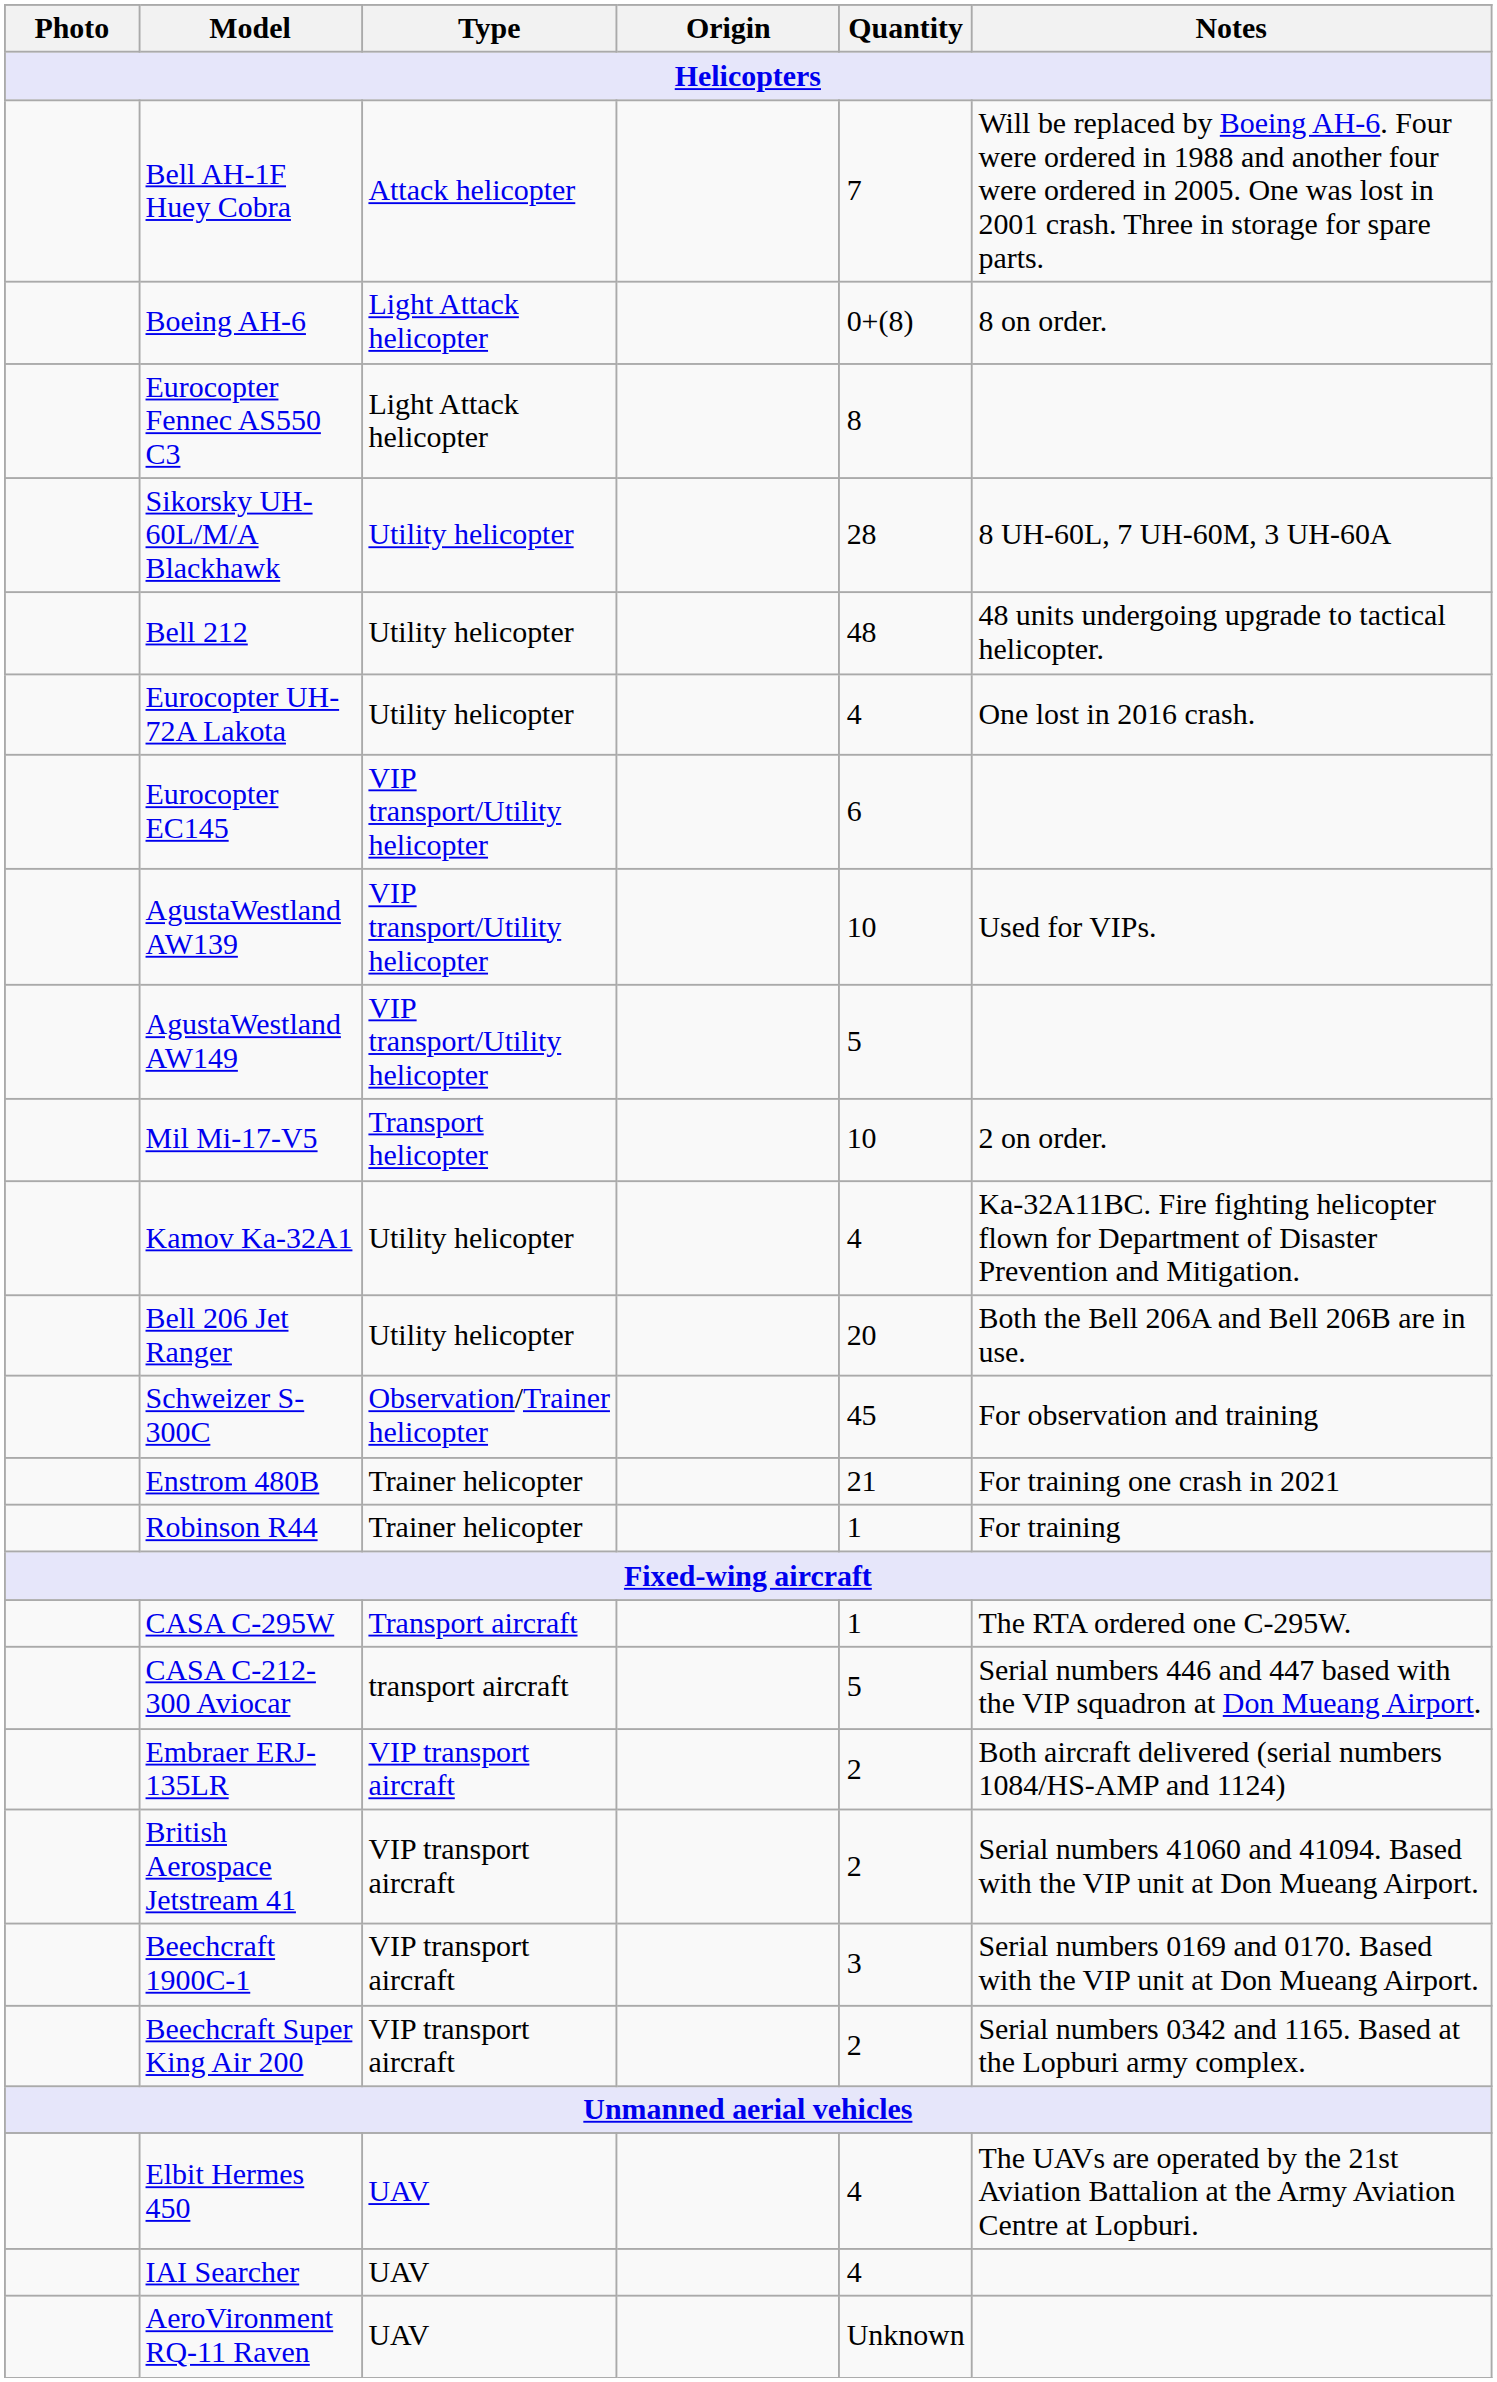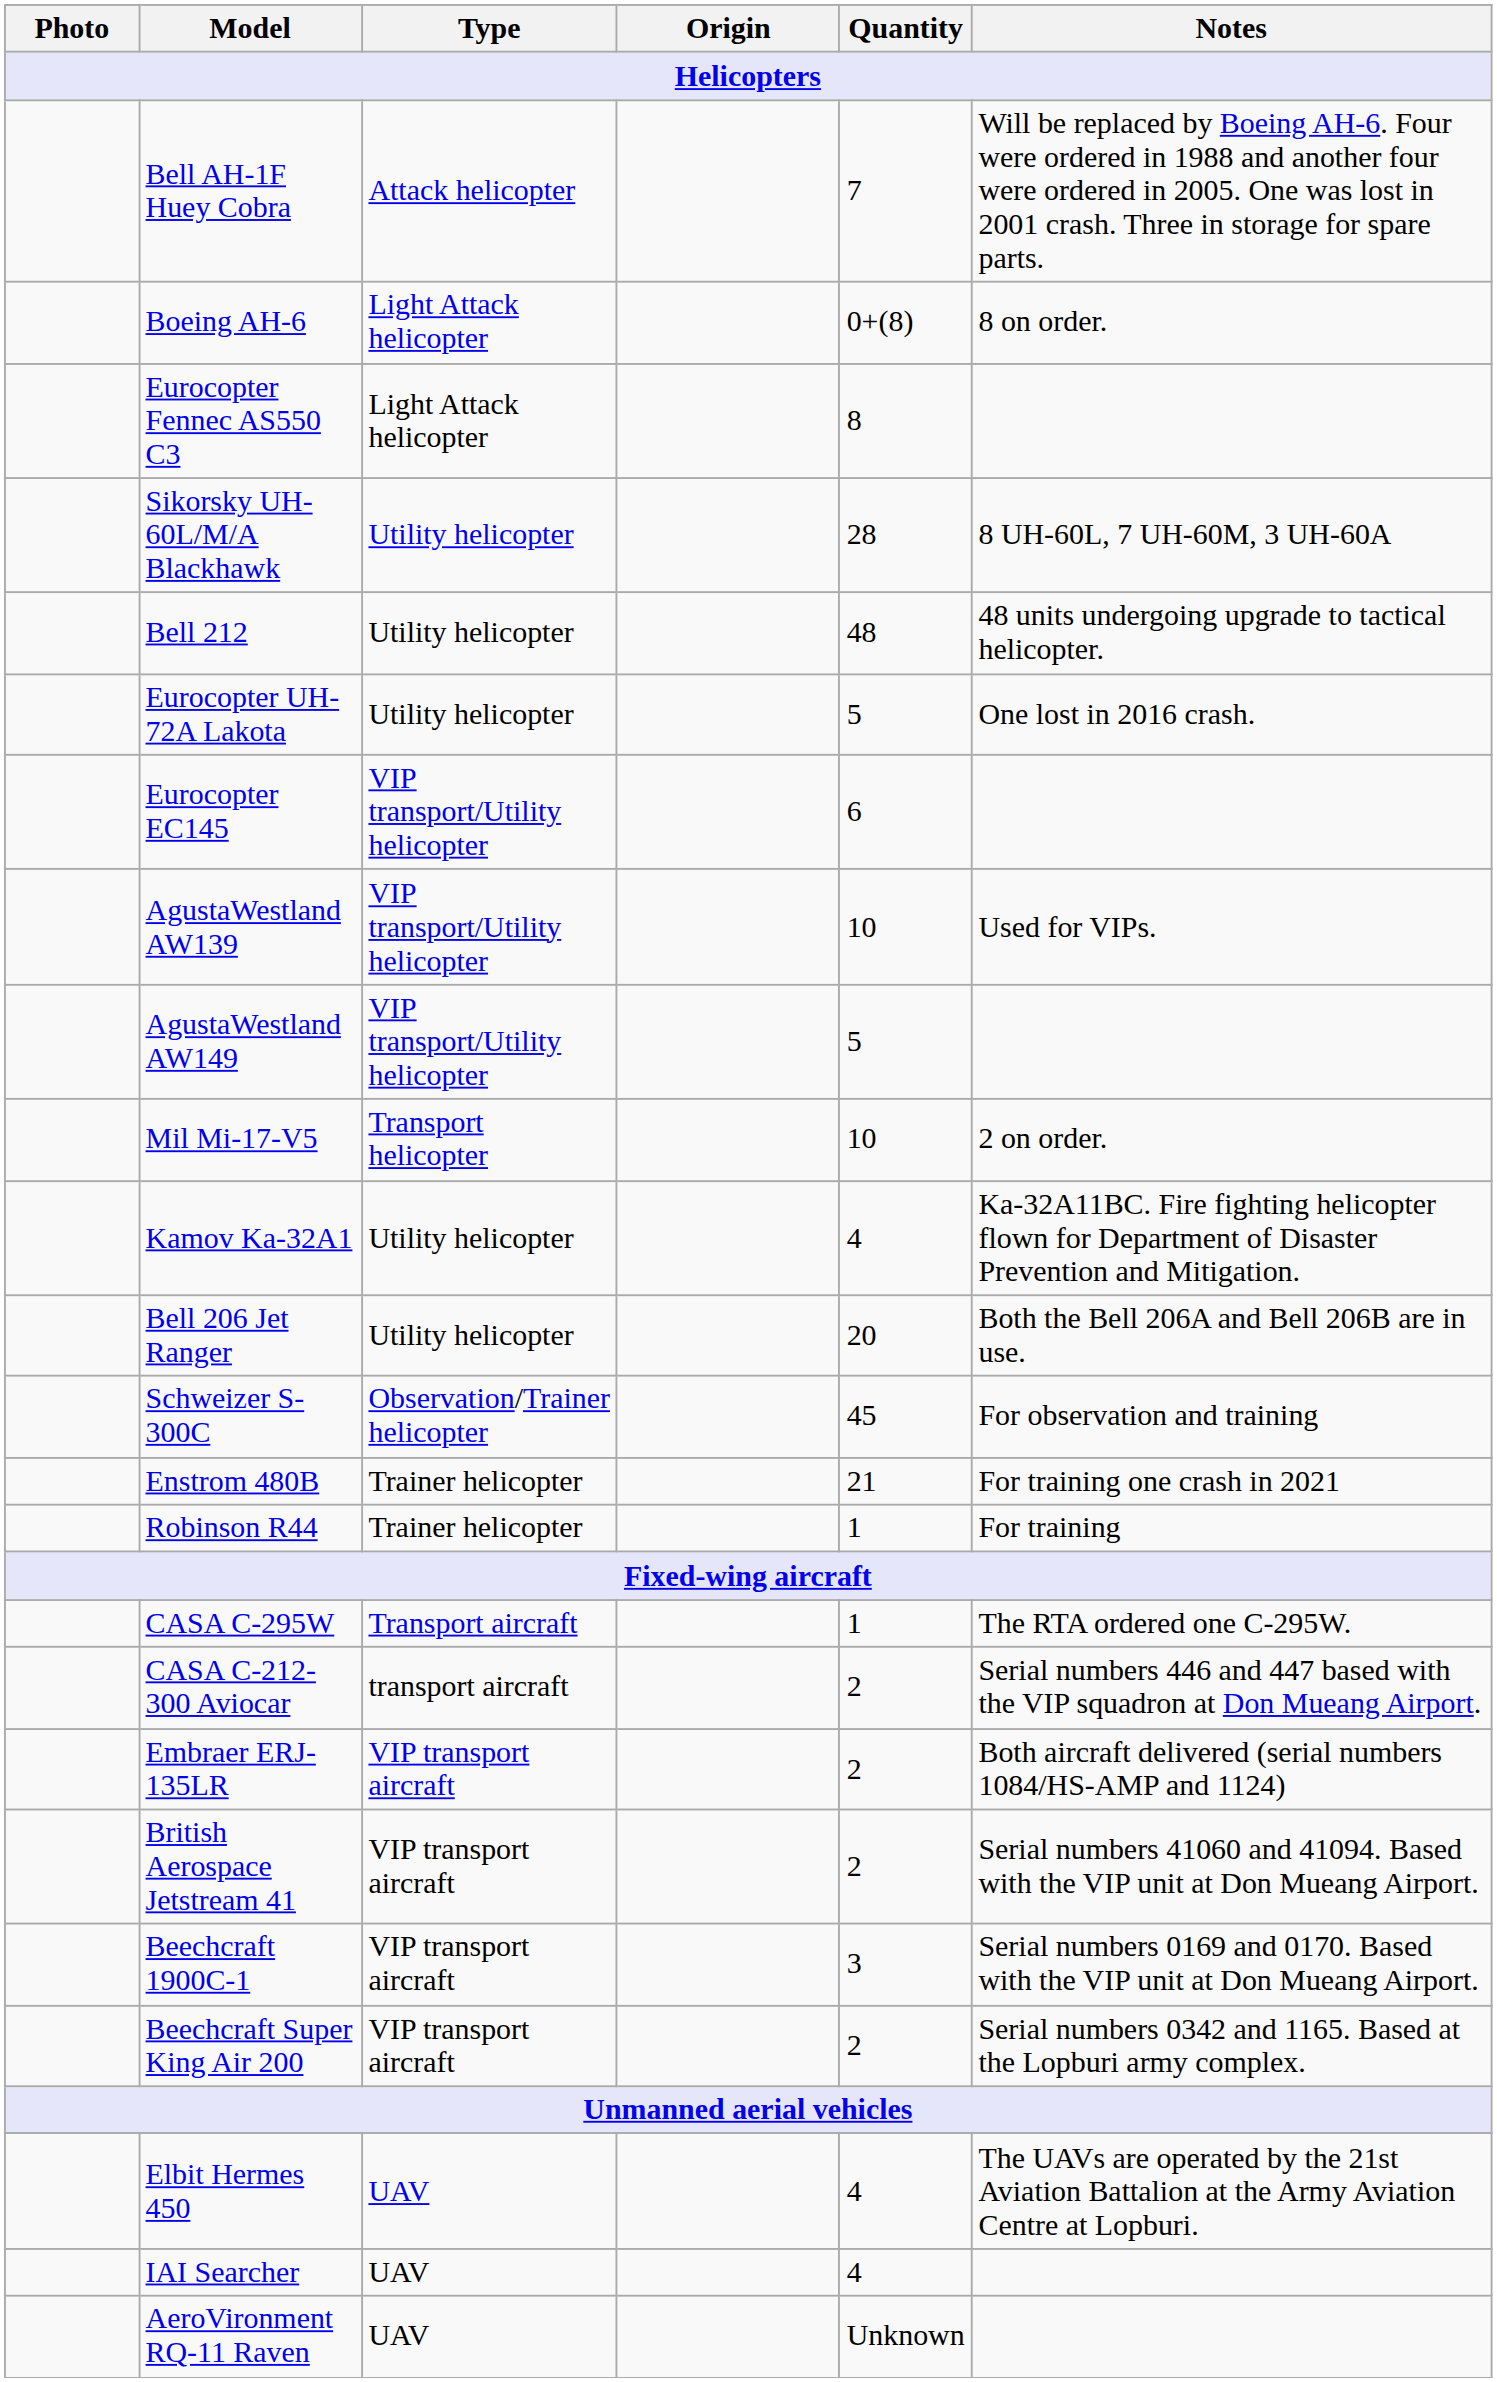 <table class="wikitable" style="width:90%;">
 <tr>
 <th style="width:9%;">Photo</th>
 <th style="width:15%;">Model</th>
 <th style="width:15%;">Type</th>
 <th style="width:15%;">Origin</th>
 <th style="width:5%;">Quantity</th>
 <th>Notes</th>
 </tr>
 <tr>
 <th style="align: centre; background: lavender;" colspan="7"><strong><a href='#'>Helicopters</a></strong></th>
 </tr>
 <tr>
 <td></td>
 <td><a href='#'>Bell AH-1F Huey Cobra</a></td>
 <td><a href='#'>Attack helicopter</a></td>
 <td></td>
 <td>7</td>
 <td>Will be replaced by <a href='#'>Boeing AH-6</a>. Four were ordered in 1988 and another four were ordered in 2005. One was lost in 2001 crash. Three in storage for spare parts.</td>
 </tr>
 <tr>
 <td></td>
 <td><a href='#'>Boeing AH-6</a></td>
 <td><a href='#'>Light Attack helicopter</a></td>
 <td></td>
 <td>0+(8)</td>
 <td>8 on order.</td>
 </tr>
 <tr>
 <td></td>
 <td><a href='#'>Eurocopter Fennec AS550 C3</a></td>
 <td>Light Attack helicopter</td>
 <td></td>
 <td>8</td>
 <td></td>
 </tr>
 <tr>
 <td></td>
 <td><a href='#'>Sikorsky UH-60L/M/A Blackhawk</a></td>
 <td><a href='#'>Utility helicopter</a></td>
 <td></td>
 <td>28</td>
 <td>8 UH-60L, 7 UH-60M, 3 UH-60A</td>
 </tr>
 <tr>
 <td></td>
 <td><a href='#'>Bell 212</a></td>
 <td>Utility helicopter</td>
 <td></td>
 <td>48</td>
 <td>48 units undergoing upgrade to tactical helicopter.</td>
 </tr>
 <tr>
 <td></td>
 <td><a href='#'>Eurocopter UH-72A Lakota</a></td>
 <td>Utility helicopter</td>
 <td></td>
-<td>4</td>
+<td>5</td>
 <td>One lost in 2016 crash.</td>
 </tr>
 <tr>
 <td></td>
 <td><a href='#'>Eurocopter EC145</a></td>
 <td><a href='#'>VIP transport/Utility helicopter</a></td>
 <td></td>
 <td>6</td>
 <td></td>
 </tr>
 <tr>
 <td></td>
 <td><a href='#'>AgustaWestland AW139</a></td>
 <td><a href='#'>VIP transport/Utility helicopter</a></td>
 <td></td>
 <td>10</td>
 <td>Used for VIPs.</td>
 </tr>
 <tr>
 <td></td>
 <td><a href='#'>AgustaWestland AW149</a></td>
 <td><a href='#'>VIP transport/Utility helicopter</a></td>
 <td></td>
 <td>5</td>
 <td></td>
 </tr>
 <tr>
 <td></td>
 <td><a href='#'>Mil Mi-17-V5</a></td>
 <td><a href='#'>Transport helicopter</a></td>
 <td></td>
 <td>10</td>
 <td>2 on order. </td>
 </tr>
 <tr>
 <td></td>
 <td><a href='#'>Kamov Ka-32A1</a></td>
 <td>Utility helicopter</td>
 <td></td>
 <td>4</td>
 <td>Ka-32A11BC. Fire fighting helicopter flown for Department of Disaster Prevention and Mitigation.</td>
 </tr>
 <tr>
 <td></td>
 <td><a href='#'>Bell 206 Jet Ranger</a></td>
 <td>Utility helicopter</td>
 <td></td>
 <td>20</td>
 <td>Both the Bell 206A and Bell 206B are in use.</td>
 </tr>
 <tr>
 <td></td>
 <td><a href='#'>Schweizer S-300C</a></td>
 <td><a href='#'>Observation</a>/<a href='#'>Trainer helicopter</a></td>
 <td></td>
 <td>45</td>
 <td>For observation and training</td>
 </tr>
 <tr>
 <td></td>
 <td><a href='#'>Enstrom 480B</a></td>
 <td>Trainer helicopter</td>
 <td></td>
 <td>21</td>
 <td>For training one crash in 2021</td>
 </tr>
 <tr>
 <td></td>
 <td><a href='#'>Robinson R44</a></td>
 <td>Trainer helicopter</td>
 <td></td>
 <td>1</td>
 <td>For training</td>
 </tr>
 <tr>
 <th style="align: centre; background: lavender;" colspan="7"><strong><a href='#'>Fixed-wing aircraft</a></strong></th>
 </tr>
 <tr>
 <td></td>
 <td><a href='#'>CASA C-295W</a></td>
 <td><a href='#'>Transport aircraft</a></td>
 <td></td>
 <td>1</td>
 <td>The RTA ordered one C-295W.</td>
 </tr>
 <tr>
 <td></td>
 <td><a href='#'>CASA C-212-300 Aviocar</a></td>
 <td>transport aircraft</td>
 <td></td>
-<td>5</td>
+<td>2</td>
 <td>Serial numbers 446 and 447 based with the VIP squadron at <a href='#'>Don Mueang Airport</a>.</td>
 </tr>
 <tr>
 <td></td>
 <td><a href='#'>Embraer ERJ-135LR</a></td>
 <td><a href='#'>VIP transport aircraft</a></td>
 <td></td>
 <td>2</td>
 <td>Both aircraft delivered (serial numbers 1084/HS-AMP and 1124)</td>
 </tr>
 <tr>
 <td></td>
 <td><a href='#'>British Aerospace Jetstream 41</a></td>
 <td>VIP transport aircraft</td>
 <td></td>
 <td>2</td>
 <td>Serial numbers 41060 and 41094. Based with the VIP unit at Don Mueang Airport.</td>
 </tr>
 <tr>
 <td></td>
 <td><a href='#'>Beechcraft 1900C-1</a></td>
 <td>VIP transport aircraft</td>
 <td></td>
 <td>3</td>
 <td>Serial numbers 0169 and 0170. Based with the VIP unit at Don Mueang Airport.</td>
 </tr>
 <tr>
 <td></td>
 <td><a href='#'>Beechcraft Super King Air 200</a></td>
 <td>VIP transport aircraft</td>
 <td></td>
 <td>2</td>
 <td>Serial numbers 0342 and 1165. Based at the Lopburi army complex.</td>
 </tr>
 <tr>
 <th style="align: centre; background: lavender;" colspan="7"><strong><a href='#'>Unmanned aerial vehicles</a></strong></th>
 </tr>
 <tr>
 <td></td>
 <td><a href='#'>Elbit Hermes 450</a></td>
 <td><a href='#'>UAV</a></td>
 <td></td>
 <td>4</td>
 <td>The UAVs are operated by the 21st Aviation Battalion at the Army Aviation Centre at Lopburi.</td>
 </tr>
 <tr>
 <td></td>
 <td><a href='#'>IAI Searcher</a></td>
 <td>UAV</td>
 <td></td>
 <td>4</td>
 <td></td>
 </tr>
 <tr>
 <td></td>
 <td><a href='#'>AeroVironment RQ-11 Raven</a></td>
 <td>UAV</td>
 <td></td>
 <td>Unknown</td>
 <td></td>
 </tr>
 </table>
